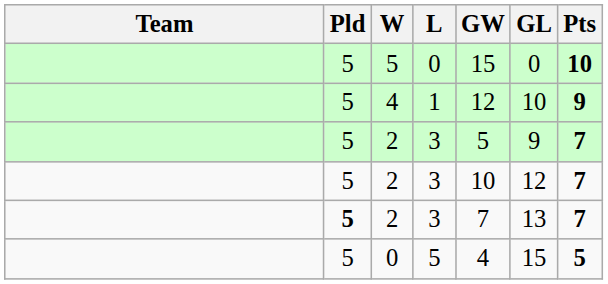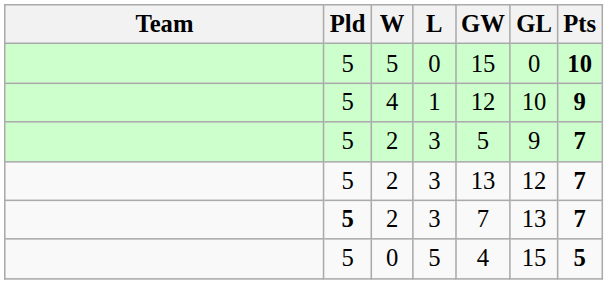 <table class="wikitable" style="text-align:center">
 <tr>
 <th width=200>Team</th>
 <th width=20>Pld</th>
 <th width=20>W</th>
 <th width=20>L</th>
 <th width=20>GW</th>
 <th width=20>GL</th>
 <th width=20>Pts</th>
 </tr>
 <tr bgcolor="ccffcc">
 <td style="text-align:left;"></td>
 <td>5</td>
 <td>5</td>
 <td>0</td>
 <td>15</td>
 <td>0</td>
 <td><strong>10</strong></td>
 </tr>
 <tr bgcolor="ccffcc">
 <td style="text-align:left;"></td>
 <td>5</td>
 <td>4</td>
 <td>1</td>
 <td>12</td>
 <td>10</td>
 <td><strong>9</strong></td>
 </tr>
 <tr bgcolor="ccffcc">
 <td style="text-align:left;"></td>
 <td>5</td>
 <td>2</td>
 <td>3</td>
 <td>5</td>
 <td>9</td>
 <td><strong>7</strong></td>
 </tr>
 <tr>
 <td style="text-align:left;"></td>
 <td>5</td>
 <td>2</td>
 <td>3</td>
-<td>10</td>
+<td>13</td>
 <td>12</td>
 <td><strong>7</strong></td>
 </tr>
 <tr>
 <td style="text-align:left;"></td>
 <td><strong>5</strong></td>
 <td>2</td>
 <td>3</td>
 <td>7</td>
 <td>13</td>
 <td><strong>7</strong></td>
 </tr>
 <tr>
 <td style="text-align:left;"></td>
 <td>5</td>
 <td>0</td>
 <td>5</td>
 <td>4</td>
 <td>15</td>
 <td><strong>5</strong></td>
 </tr>
 </table>
